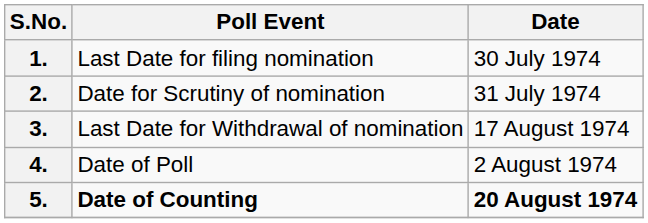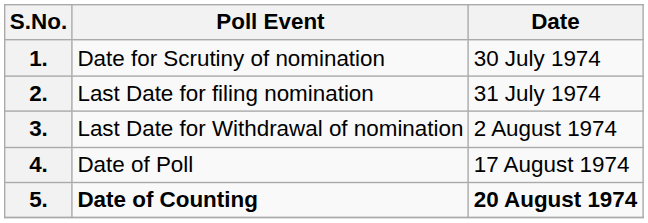 <table class="wikitable sortable">
 <tr>
 <th>S.No.</th>
 <th>Poll Event</th>
 <th>Date</th>
 </tr>
 <tr>
 <th>1.</th>
-<td>Last Date for filing nomination</td>
+<td>Date for Scrutiny of nomination</td>
 <td>30 July 1974</td>
 </tr>
 <tr>
 <th>2.</th>
-<td>Date for Scrutiny of nomination</td>
+<td>Last Date for filing nomination</td>
 <td>31 July 1974</td>
 </tr>
 <tr>
 <th>3.</th>
 <td>Last Date for Withdrawal of nomination</td>
-<td>17 August 1974</td>
+<td>2 August 1974</td>
 </tr>
 <tr>
 <th>4.</th>
 <td>Date of Poll</td>
-<td>2 August 1974</td>
+<td>17 August 1974</td>
 </tr>
 <tr>
 <th>5.</th>
 <td><strong>Date of Counting</strong></td>
 <td colspan="2" style="text-align:center"><strong>20 August 1974</strong></td>
 </tr>
 <tr>
 </tr>
 </table>
